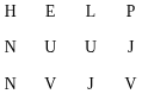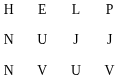 <table style="width:10%; float:right; text-align:center; line-height:100%; margin-left:10px; ">
 <tr>
 <td style="width:8%;"><br>H</td>
 <td style="width:8%;"><br>E</td>
 <td style="width:8%;"><br>L</td>
 <td style="width:8%;"><br>P</td>
 </tr>
 <tr>
 <td style="width:8%;"><br>N</td>
 <td style="width:8%;"><br>U</td>
-<td style="width:8%;"><br>U</td>
+<td style="width:8%;"><br>J</td>
 <td style="width:8%;"><br>J</td>
 </tr>
 <tr>
 <td style="width:8%;"><br>N</td>
 <td style="width:8%;"><br>V</td>
-<td style="width:8%;"><br>J</td>
+<td style="width:8%;"><br>U</td>
 <td style="width:8%;"><br>V</td>
 </tr>
 </table>
